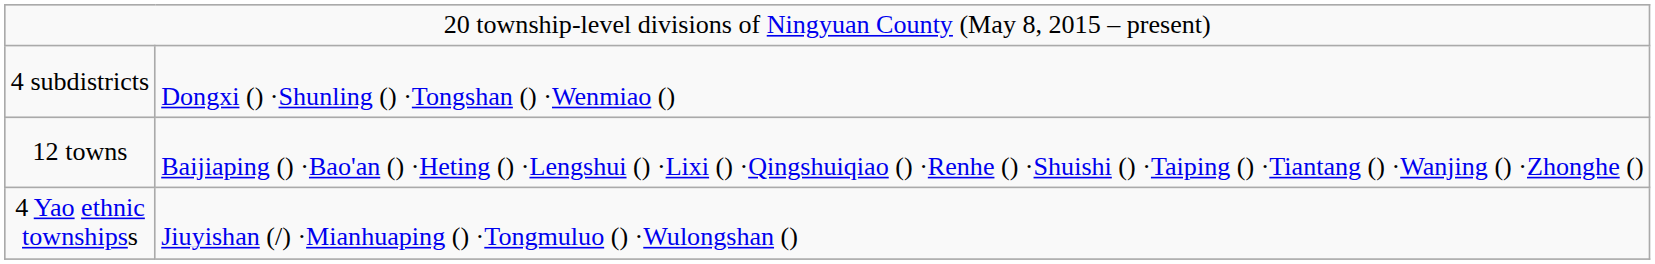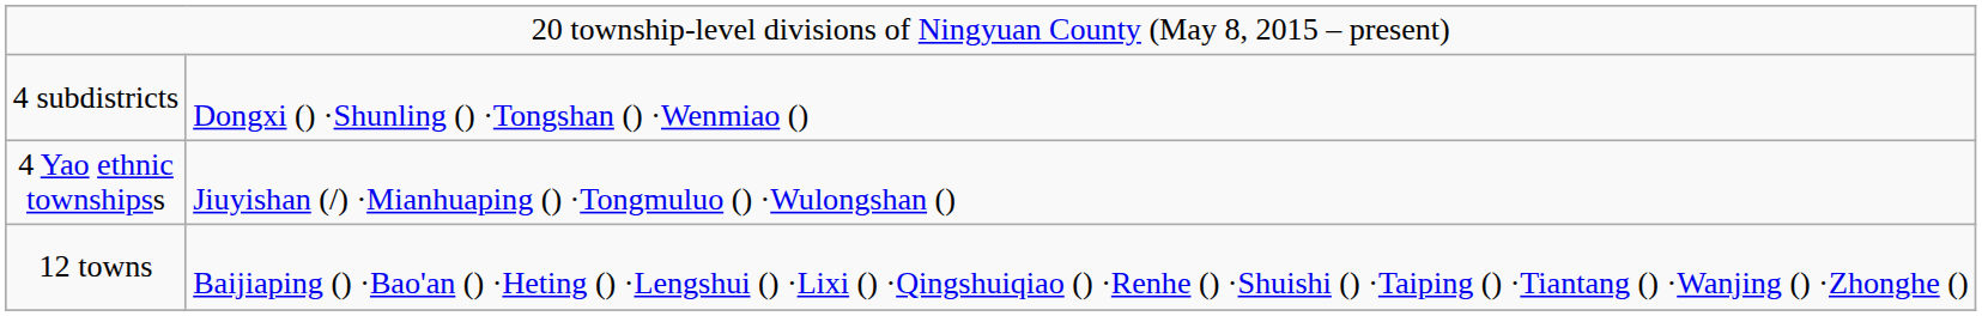 <table class="wikitable">
 <tr>
 <td style="text-align:center;" colspan="2">20 township-level divisions of <a href='#'>Ningyuan County</a> (May 8, 2015 – present)</td>
 </tr>
 <tr align=left>
 <td align=center>4 subdistricts</td>
 <td><br><a href='#'>Dongxi</a> () ·<a href='#'>Shunling</a> () ·<a href='#'>Tongshan</a> () ·<a href='#'>Wenmiao</a> ()</td>
 </tr>
 <tr align=left>
+<td align=center>4 <a href='#'>Yao</a> <a href='#'>ethnic <br>townships</a>s</td>
+<td><br><a href='#'>Jiuyishan</a> (/) ·<a href='#'>Mianhuaping</a> () ·<a href='#'>Tongmuluo</a> () ·<a href='#'>Wulongshan</a> ()</td>
+</tr>
+<tr align=left>
 <td align=center>12 towns</td>
 <td><br><a href='#'>Baijiaping</a> () ·<a href='#'>Bao'an</a> () ·<a href='#'>Heting</a> () ·<a href='#'>Lengshui</a> () ·<a href='#'>Lixi</a> () ·<a href='#'>Qingshuiqiao</a> () ·<a href='#'>Renhe</a> () ·<a href='#'>Shuishi</a> () ·<a href='#'>Taiping</a> () ·<a href='#'>Tiantang</a> () ·<a href='#'>Wanjing</a> () ·<a href='#'>Zhonghe</a> ()</td>
 </tr>
-<tr align=left>
-<td align=center>4 <a href='#'>Yao</a> <a href='#'>ethnic <br>townships</a>s</td>
-<td><br><a href='#'>Jiuyishan</a> (/) ·<a href='#'>Mianhuaping</a> () ·<a href='#'>Tongmuluo</a> () ·<a href='#'>Wulongshan</a> ()</td>
-</tr>
 </table>
